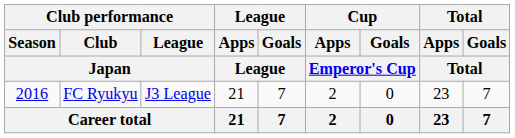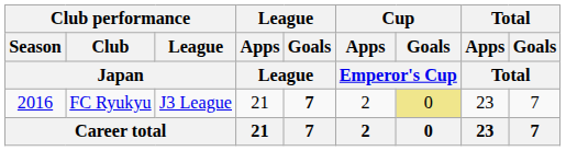 <table class="wikitable" style="text-align:center">
 <tr>
 <th colspan=3>Club performance</th>
 <th colspan=2>League</th>
 <th colspan=2>Cup</th>
 <th colspan=2>Total</th>
 </tr>
 <tr>
 <th>Season</th>
 <th>Club</th>
 <th>League</th>
 <th>Apps</th>
 <th>Goals</th>
 <th>Apps</th>
 <th>Goals</th>
 <th>Apps</th>
 <th>Goals</th>
 </tr>
 <tr>
 <th colspan=3>Japan</th>
 <th colspan=2>League</th>
 <th colspan=2><a href='#'>Emperor's Cup</a></th>
 <th colspan=2>Total</th>
 </tr>
 <tr>
 <td><a href='#'>2016</a></td>
 <td rowspan="1"><a href='#'>FC Ryukyu</a></td>
 <td rowspan="1"><a href='#'>J3 League</a></td>
 <td>21</td>
-<td>7</td>
+<td><strong>7</strong></td>
 <td>2</td>
-<td>0</td>
+<td style="background: khaki;">0</td>
 <td>23</td>
 <td>7</td>
 </tr>
 <tr>
 <th colspan=3>Career total</th>
 <th>21</th>
 <th>7</th>
 <th>2</th>
 <th>0</th>
 <th>23</th>
 <th>7</th>
 </tr>
 </table>
